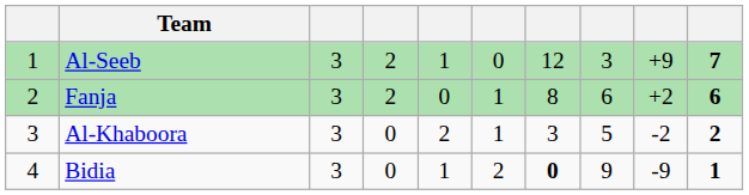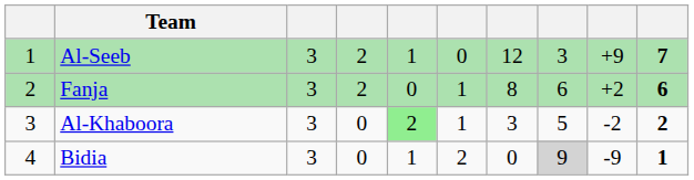 <table class="wikitable" style="text-align: center;">
 <tr>
 <th width=30></th>
 <th width=165>Team</th>
 <th width=30></th>
 <th width=30></th>
 <th width=30></th>
 <th width=30></th>
 <th width=30></th>
 <th width=30></th>
 <th width=30></th>
 <th width=30></th>
 </tr>
 <tr bgcolor=#ACE1AF>
 <td>1</td>
 <td align=left><a href='#'>Al-Seeb</a></td>
 <td>3</td>
 <td>2</td>
 <td>1</td>
 <td>0</td>
 <td>12</td>
 <td>3</td>
 <td>+9</td>
 <td><strong>7</strong></td>
 </tr>
 <tr bgcolor=#ACE1AF>
 <td>2</td>
 <td align=left><a href='#'>Fanja</a></td>
 <td>3</td>
 <td>2</td>
 <td>0</td>
 <td>1</td>
 <td>8</td>
 <td>6</td>
 <td>+2</td>
 <td><strong>6</strong></td>
 </tr>
 <tr>
 <td>3</td>
 <td align=left><a href='#'>Al-Khaboora</a></td>
 <td>3</td>
 <td>0</td>
-<td>2</td>
+<td style="background: lightgreen;">2</td>
 <td>1</td>
 <td>3</td>
 <td>5</td>
 <td>-2</td>
 <td><strong>2</strong></td>
 </tr>
 <tr>
 <td>4</td>
 <td align=left><a href='#'>Bidia</a></td>
 <td>3</td>
 <td>0</td>
 <td>1</td>
 <td>2</td>
-<td><strong>0</strong></td>
-<td>9</td>
+<td>0</td>
+<td style="background: lightgrey;">9</td>
 <td>-9</td>
 <td><strong>1</strong></td>
 </tr>
 </table>
